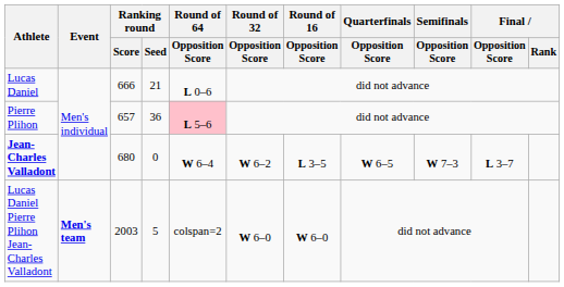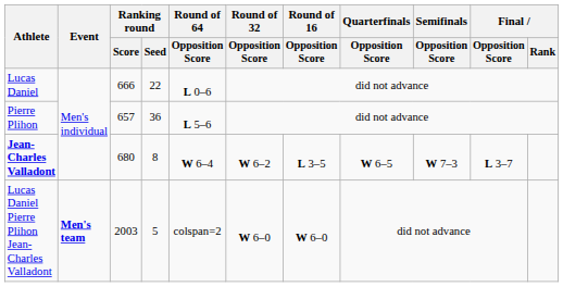 <table class="wikitable" style="font-size:90%">
 <tr>
 <th rowspan=2>Athlete</th>
 <th rowspan=2>Event</th>
 <th colspan="2">Ranking round</th>
 <th>Round of 64</th>
 <th>Round of 32</th>
 <th>Round of 16</th>
 <th>Quarterfinals</th>
 <th>Semifinals</th>
 <th colspan="2">Final / </th>
 </tr>
 <tr style="font-size:95%">
 <th>Score</th>
 <th>Seed</th>
 <th>Opposition<br>Score</th>
 <th>Opposition<br>Score</th>
 <th>Opposition<br>Score</th>
 <th>Opposition<br>Score</th>
 <th>Opposition<br>Score</th>
 <th>Opposition<br>Score</th>
 <th>Rank</th>
 </tr>
 <tr align=center>
 <td align=left><a href='#'>Lucas Daniel</a></td>
 <td align=left rowspan=3><a href='#'>Men's individual</a></td>
 <td>666</td>
-<td>21</td>
+<td>22</td>
 <td><br><strong>L</strong> 0–6</td>
 <td colspan=6>did not advance</td>
 </tr>
 <tr align=center>
 <td align=left><a href='#'>Pierre Plihon</a></td>
 <td>657</td>
 <td>36</td>
-<td style="background: pink;"><br><strong>L</strong> 5–6</td>
+<td><br><strong>L</strong> 5–6</td>
 <td colspan=6>did not advance</td>
 </tr>
 <tr align=center>
 <td align=left><strong><a href='#'>Jean-Charles Valladont</a></strong></td>
 <td>680</td>
-<td>0</td>
+<td>8</td>
 <td><br><strong>W</strong> 6–4</td>
 <td><br><strong>W</strong> 6–2</td>
 <td><br><strong>L</strong> 3–5</td>
 <td><br><strong>W</strong> 6–5</td>
 <td><br><strong>W</strong> 7–3</td>
 <td><br><strong>L</strong> 3–7</td>
 <td></td>
 </tr>
 <tr align=center>
 <td align=left><a href='#'>Lucas Daniel</a><br><a href='#'>Pierre Plihon</a><br><a href='#'>Jean-Charles Valladont</a></td>
 <td align=left><strong><a href='#'>Men's team</a></strong></td>
 <td>2003</td>
 <td>5</td>
 <td>colspan=2 </td>
 <td><br><strong>W</strong> 6–0</td>
 <td><br><strong>W</strong> 6–0</td>
 <td colspan=3>did not advance</td>
 </tr>
 </table>
